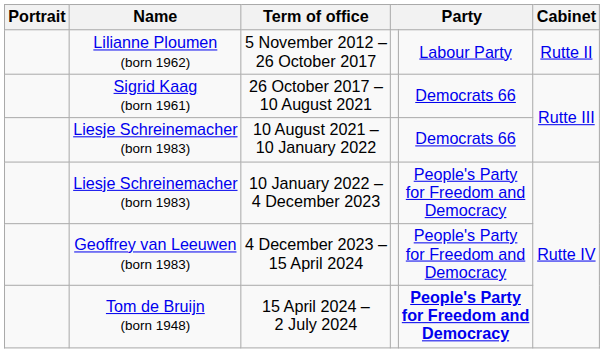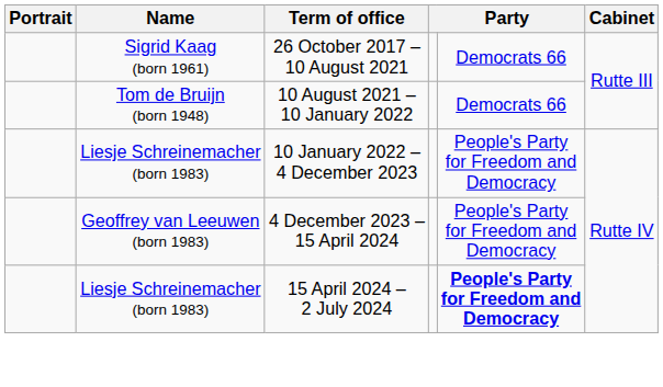 <table class="wikitable" style="text-align:center">
 <tr>
 <th>Portrait</th>
 <th>Name<br></th>
 <th>Term of office</th>
 <th colspan=2>Party</th>
 <th>Cabinet</th>
-</tr>
-<tr>
-<td></td>
-<td><a href='#'>Lilianne Ploumen</a> <br> <small>(born 1962)</small></td>
-<td>5 November 2012 – <br> 26 October 2017</td>
-<td style="background:"></td>
-<td><a href='#'>Labour Party</a></td>
-<td><a href='#'>Rutte II</a></td>
 </tr>
 <tr>
 <td></td>
 <td><a href='#'>Sigrid Kaag</a> <br> <small>(born 1961)</small></td>
 <td>26 October 2017 – <br> 10 August 2021 <br>  </td>
 <td style="background:"></td>
 <td><a href='#'>Democrats 66</a></td>
 <td rowspan=2><a href='#'>Rutte III</a></td>
 </tr>
 <tr>
 <td></td>
-<td><a href='#'>Liesje Schreinemacher</a> <br> <small>(born 1983)</small></td>
+<td><a href='#'>Tom de Bruijn</a> <br> <small>(born 1948)</small></td>
 <td>10 August 2021 – <br> 10 January 2022</td>
 <td style="background:"></td>
 <td><a href='#'>Democrats 66</a></td>
 </tr>
 <tr>
 <td></td>
 <td><a href='#'>Liesje Schreinemacher</a> <br> <small>(born 1983)</small></td>
 <td>10 January 2022 – <br> 4 December 2023</td>
 <td style="background:"></td>
 <td><a href='#'>People's Party <br> for Freedom and <br> Democracy</a></td>
 <td rowspan=3><a href='#'>Rutte IV</a></td>
 </tr>
 <tr>
 <td></td>
 <td><a href='#'>Geoffrey van Leeuwen</a> <br> <small>(born 1983)</small></td>
 <td>4 December 2023 – <br> 15 April 2024 <br> </td>
 <td style="background:"></td>
 <td><a href='#'>People's Party <br> for Freedom and <br> Democracy</a></td>
 </tr>
 <tr>
 <td></td>
-<td><a href='#'>Tom de Bruijn</a> <br> <small>(born 1948)</small></td>
+<td><a href='#'>Liesje Schreinemacher</a> <br> <small>(born 1983)</small></td>
 <td>15 April 2024 – <br> 2 July 2024</td>
 <td style="background:"></td>
 <td><strong><a href='#'>People's Party <br> for Freedom and <br> Democracy</a></strong></td>
 </tr>
 </table>
